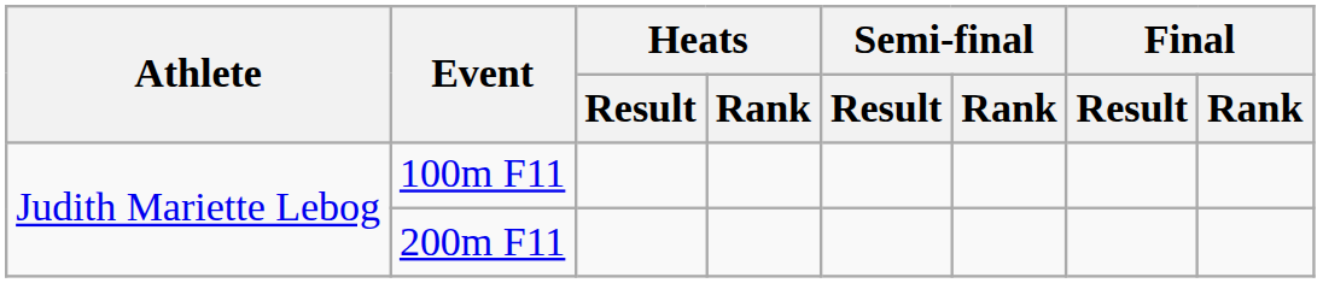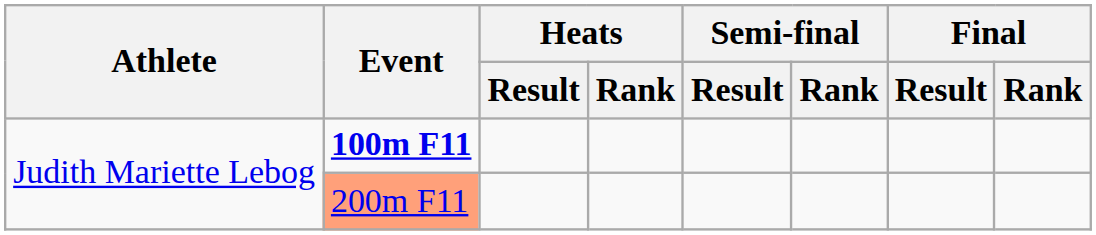 <table class=wikitable style="font-size:90%">
 <tr>
 <th rowspan="2">Athlete</th>
 <th rowspan="2">Event</th>
 <th colspan="2">Heats</th>
 <th colspan="2">Semi-final</th>
 <th colspan="2">Final</th>
 </tr>
 <tr>
 <th>Result</th>
 <th>Rank</th>
 <th>Result</th>
 <th>Rank</th>
 <th>Result</th>
 <th>Rank</th>
 </tr>
 <tr align=center>
 <td align=left rowspan=2><a href='#'>Judith Mariette Lebog</a></td>
-<td align=left><a href='#'>100m F11</a></td>
+<td align=left><strong><a href='#'>100m F11</a></strong></td>
 <td></td>
 <td></td>
 <td></td>
 <td></td>
 <td></td>
 <td></td>
 </tr>
 <tr align=center>
-<td align=left><a href='#'>200m F11</a></td>
+<td align=left style="background: lightsalmon;"><a href='#'>200m F11</a></td>
 <td></td>
 <td></td>
 <td></td>
 <td></td>
 <td></td>
 <td></td>
 </tr>
 </table>
